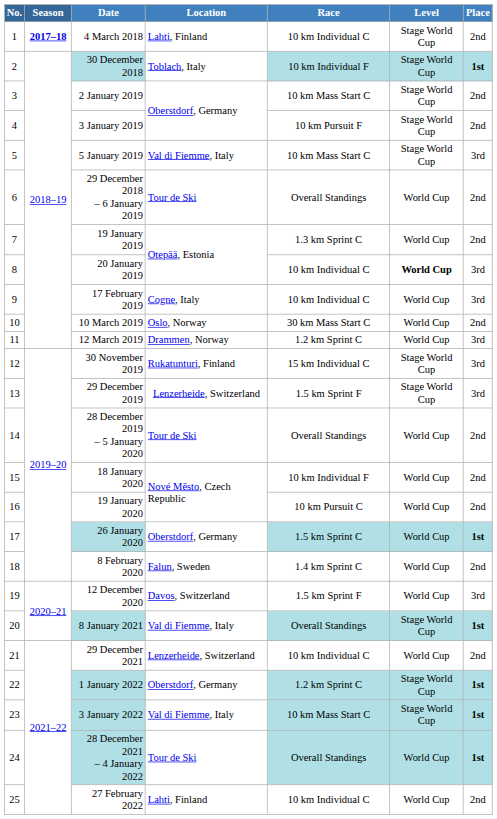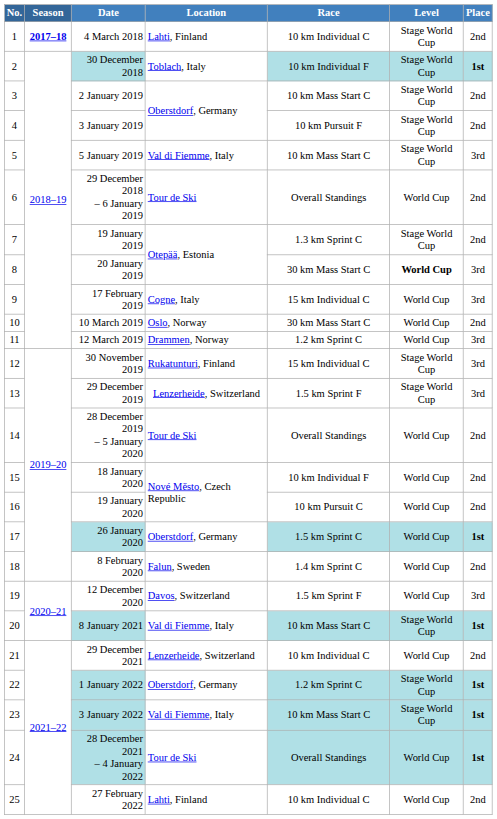 <table class="wikitable sortable" style="font-size:95%; text-align:center; border:grey solid 1px; border-collapse:collapse; background:#ffffff;">
 <tr style="background:#efefef;">
 <th style="background-color:#369; color:white;">No.</th>
 <th style="background-color:#369; color:white;">Season</th>
 <th style="background-color:#4180be; color:white; width:100px;">Date</th>
 <th style="background-color:#4180be; color:white; width:170px;">Location</th>
 <th style="background-color:#4180be; color:white; width:170px;">Race</th>
 <th style="background-color:#4180be; color:white; width:100px;">Level</th>
 <th style="background-color:#4180be; color:white;">Place</th>
 </tr>
 <tr>
 <td align=center>1</td>
 <td align=center><strong> <a href='#'>2017–18</a> </strong></td>
 <td align=right>4 March 2018</td>
 <td align=left> <a href='#'>Lahti</a>, Finland</td>
 <td>10 km Individual C</td>
 <td>Stage World Cup</td>
 <td>2nd</td>
 </tr>
 <tr>
 <td align=center>2</td>
 <td rowspan=10 align=center><a href='#'>2018–19</a></td>
 <td bgcolor="#BOEOE6" align=right>30 December 2018</td>
 <td align=left> <a href='#'>Toblach</a>, Italy</td>
 <td bgcolor="#BOEOE6">10 km Individual F</td>
 <td bgcolor="#BOEOE6">Stage World Cup</td>
 <td bgcolor="#BOEOE6"><strong>1st</strong></td>
 </tr>
 <tr>
 <td align=center>3</td>
 <td align=right>2 January 2019</td>
 <td rowspan=2 align=left> <a href='#'>Oberstdorf</a>, Germany</td>
 <td>10 km Mass Start C</td>
 <td>Stage World Cup</td>
 <td>2nd</td>
 </tr>
 <tr>
 <td align=center>4</td>
 <td align=right>3 January 2019</td>
 <td>10 km Pursuit F</td>
 <td>Stage World Cup</td>
 <td>2nd</td>
 </tr>
 <tr>
 <td align=center>5</td>
 <td align=right>5 January 2019</td>
 <td align=left> <a href='#'>Val di Fiemme</a>, Italy</td>
 <td>10 km Mass Start C</td>
 <td>Stage World Cup</td>
 <td>3rd</td>
 </tr>
 <tr>
 <td align=center>6</td>
 <td align=right>29 December 2018<br>– 6 January 2019</td>
 <td align=left> <a href='#'>Tour de Ski</a></td>
 <td>Overall Standings</td>
 <td>World Cup</td>
 <td>2nd</td>
 </tr>
 <tr>
 <td align=center>7</td>
 <td align=right>19 January 2019</td>
 <td rowspan=2 align=left> <a href='#'>Otepää</a>, Estonia</td>
 <td>1.3 km Sprint C</td>
-<td>World Cup</td>
+<td>Stage World Cup</td>
 <td>2nd</td>
 </tr>
 <tr>
 <td align=center>8</td>
 <td align=right>20 January 2019</td>
-<td>10 km Individual C</td>
+<td>30 km Mass Start C</td>
 <td><strong>World Cup</strong></td>
 <td>3rd</td>
 </tr>
 <tr>
 <td align=center>9</td>
 <td align=right>17 February 2019</td>
 <td align=left> <a href='#'>Cogne</a>, Italy</td>
-<td>10 km Individual C</td>
+<td>15 km Individual C</td>
 <td>World Cup</td>
 <td>3rd</td>
 </tr>
 <tr>
 <td align=center>10</td>
 <td align=right>10 March 2019</td>
 <td align=left> <a href='#'>Oslo</a>, Norway</td>
 <td>30 km Mass Start C</td>
 <td>World Cup</td>
 <td>2nd</td>
 </tr>
 <tr>
 <td align=center>11</td>
 <td align=right>12 March 2019</td>
 <td align=left> <a href='#'>Drammen</a>, Norway</td>
 <td>1.2 km Sprint C</td>
 <td>World Cup</td>
 <td>3rd</td>
 </tr>
 <tr>
 <td align=center>12</td>
 <td rowspan=7 align=center><a href='#'>2019–20</a></td>
 <td align=right>30 November 2019</td>
 <td align=left> <a href='#'>Rukatunturi</a>, Finland</td>
 <td>15 km Individual C</td>
 <td>Stage World Cup</td>
 <td>3rd</td>
 </tr>
 <tr>
 <td align=center>13</td>
 <td align=right>29 December 2019</td>
 <td align=left>  <a href='#'>Lenzerheide</a>, Switzerland</td>
 <td>1.5 km Sprint F</td>
 <td>Stage World Cup</td>
 <td>3rd</td>
 </tr>
 <tr>
 <td align=center>14</td>
 <td align=right>28 December 2019<br>– 5 January 2020</td>
 <td align=left> <a href='#'>Tour de Ski</a></td>
 <td>Overall Standings</td>
 <td>World Cup</td>
 <td>2nd</td>
 </tr>
 <tr>
 <td align=center>15</td>
 <td align=right>18 January 2020</td>
 <td rowspan=2 align=left> <a href='#'>Nové Město</a>, Czech Republic</td>
 <td>10 km Individual F</td>
 <td>World Cup</td>
 <td>2nd</td>
 </tr>
 <tr>
 <td align=center>16</td>
 <td align=right>19 January 2020</td>
 <td>10 km Pursuit C</td>
 <td>World Cup</td>
 <td>2nd</td>
 </tr>
 <tr>
 <td align=center>17</td>
 <td bgcolor="#BOEOE6" align=right>26 January 2020</td>
 <td align=left> <a href='#'>Oberstdorf</a>, Germany</td>
 <td bgcolor="#BOEOE6">1.5 km Sprint C</td>
 <td bgcolor="#BOEOE6">World Cup</td>
 <td bgcolor="#BOEOE6"><strong>1st</strong></td>
 </tr>
 <tr>
 <td align=center>18</td>
 <td align=right>8 February 2020</td>
 <td align=left> <a href='#'>Falun</a>, Sweden</td>
 <td>1.4 km Sprint C</td>
 <td>World Cup</td>
 <td>2nd</td>
 </tr>
 <tr>
 <td align=center>19</td>
 <td rowspan=2 align=center><a href='#'>2020–21</a></td>
 <td align=right>12 December 2020</td>
 <td align=left> <a href='#'>Davos</a>, Switzerland</td>
 <td>1.5 km Sprint F</td>
 <td>World Cup</td>
 <td>3rd</td>
 </tr>
 <tr>
 <td align=center>20</td>
 <td bgcolor="#BOEOE6" align=right>8 January 2021</td>
 <td align=left> <a href='#'>Val di Fiemme</a>, Italy</td>
-<td bgcolor="#BOEOE6">Overall Standings</td>
+<td bgcolor="#BOEOE6">10 km Mass Start C</td>
 <td bgcolor="#BOEOE6">Stage World Cup</td>
 <td bgcolor="#BOEOE6"><strong>1st</strong></td>
 </tr>
 <tr>
 <td align=center>21</td>
 <td rowspan=5 align=center><a href='#'>2021–22</a></td>
 <td align=right>29 December 2021</td>
 <td align=left> <a href='#'>Lenzerheide</a>, Switzerland</td>
 <td align=center>10 km Individual C</td>
 <td>World Cup</td>
 <td>2nd</td>
 </tr>
 <tr>
 <td align=center>22</td>
 <td bgcolor="#BOEOE6" align=right>1 January 2022</td>
 <td align=left> <a href='#'>Oberstdorf</a>, Germany</td>
 <td bgcolor="#BOEOE6">1.2 km Sprint C</td>
 <td bgcolor="#BOEOE6">Stage World Cup</td>
 <td bgcolor="#BOEOE6"><strong>1st</strong></td>
 </tr>
 <tr>
 <td align=center>23</td>
 <td bgcolor="#BOEOE6" align=right>3 January 2022</td>
 <td align=left> <a href='#'>Val di Fiemme</a>, Italy</td>
 <td bgcolor="#BOEOE6">10 km Mass Start C</td>
 <td bgcolor="#BOEOE6">Stage World Cup</td>
 <td bgcolor="#BOEOE6"><strong>1st</strong></td>
 </tr>
 <tr>
 <td align=center>24</td>
 <td bgcolor="#BOEOE6" align=right>28 December 2021<br>– 4 January 2022</td>
 <td align=left> <a href='#'>Tour de Ski</a></td>
 <td bgcolor="#BOEOE6">Overall Standings</td>
 <td bgcolor="#BOEOE6">World Cup</td>
 <td bgcolor="#BOEOE6"><strong>1st</strong></td>
 </tr>
 <tr>
 <td align=center>25</td>
 <td align=right>27 February 2022</td>
 <td align=left> <a href='#'>Lahti</a>, Finland</td>
 <td>10 km Individual C</td>
 <td>World Cup</td>
 <td>2nd</td>
 </tr>
 </table>
